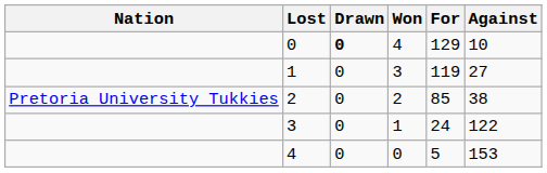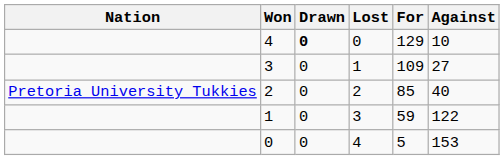 <table class="wikitable">
 <tr>
 <th>Nation</th>
+<th>Won</th>
+<th>Drawn</th>
 <th>Lost</th>
-<th>Drawn</th>
-<th>Won</th>
 <th>For</th>
 <th>Against</th>
 </tr>
 <tr>
 <td></td>
+<td>4</td>
+<td><strong>0</strong></td>
 <td>0</td>
-<td><strong>0</strong></td>
-<td>4</td>
 <td>129</td>
 <td>10</td>
 </tr>
 <tr>
 <td></td>
+<td>3</td>
+<td>0</td>
 <td>1</td>
-<td>0</td>
-<td>3</td>
-<td>119</td>
+<td>109</td>
 <td>27</td>
 </tr>
 <tr>
 <td> <a href='#'>Pretoria University Tukkies</a></td>
 <td>2</td>
 <td>0</td>
 <td>2</td>
 <td>85</td>
-<td>38</td>
+<td>40</td>
 </tr>
 <tr>
 <td></td>
+<td>1</td>
+<td>0</td>
 <td>3</td>
-<td>0</td>
-<td>1</td>
-<td>24</td>
+<td>59</td>
 <td>122</td>
 </tr>
 <tr>
 <td></td>
-<td>4</td>
 <td>0</td>
 <td>0</td>
+<td>4</td>
 <td>5</td>
 <td>153</td>
 </tr>
 </table>
